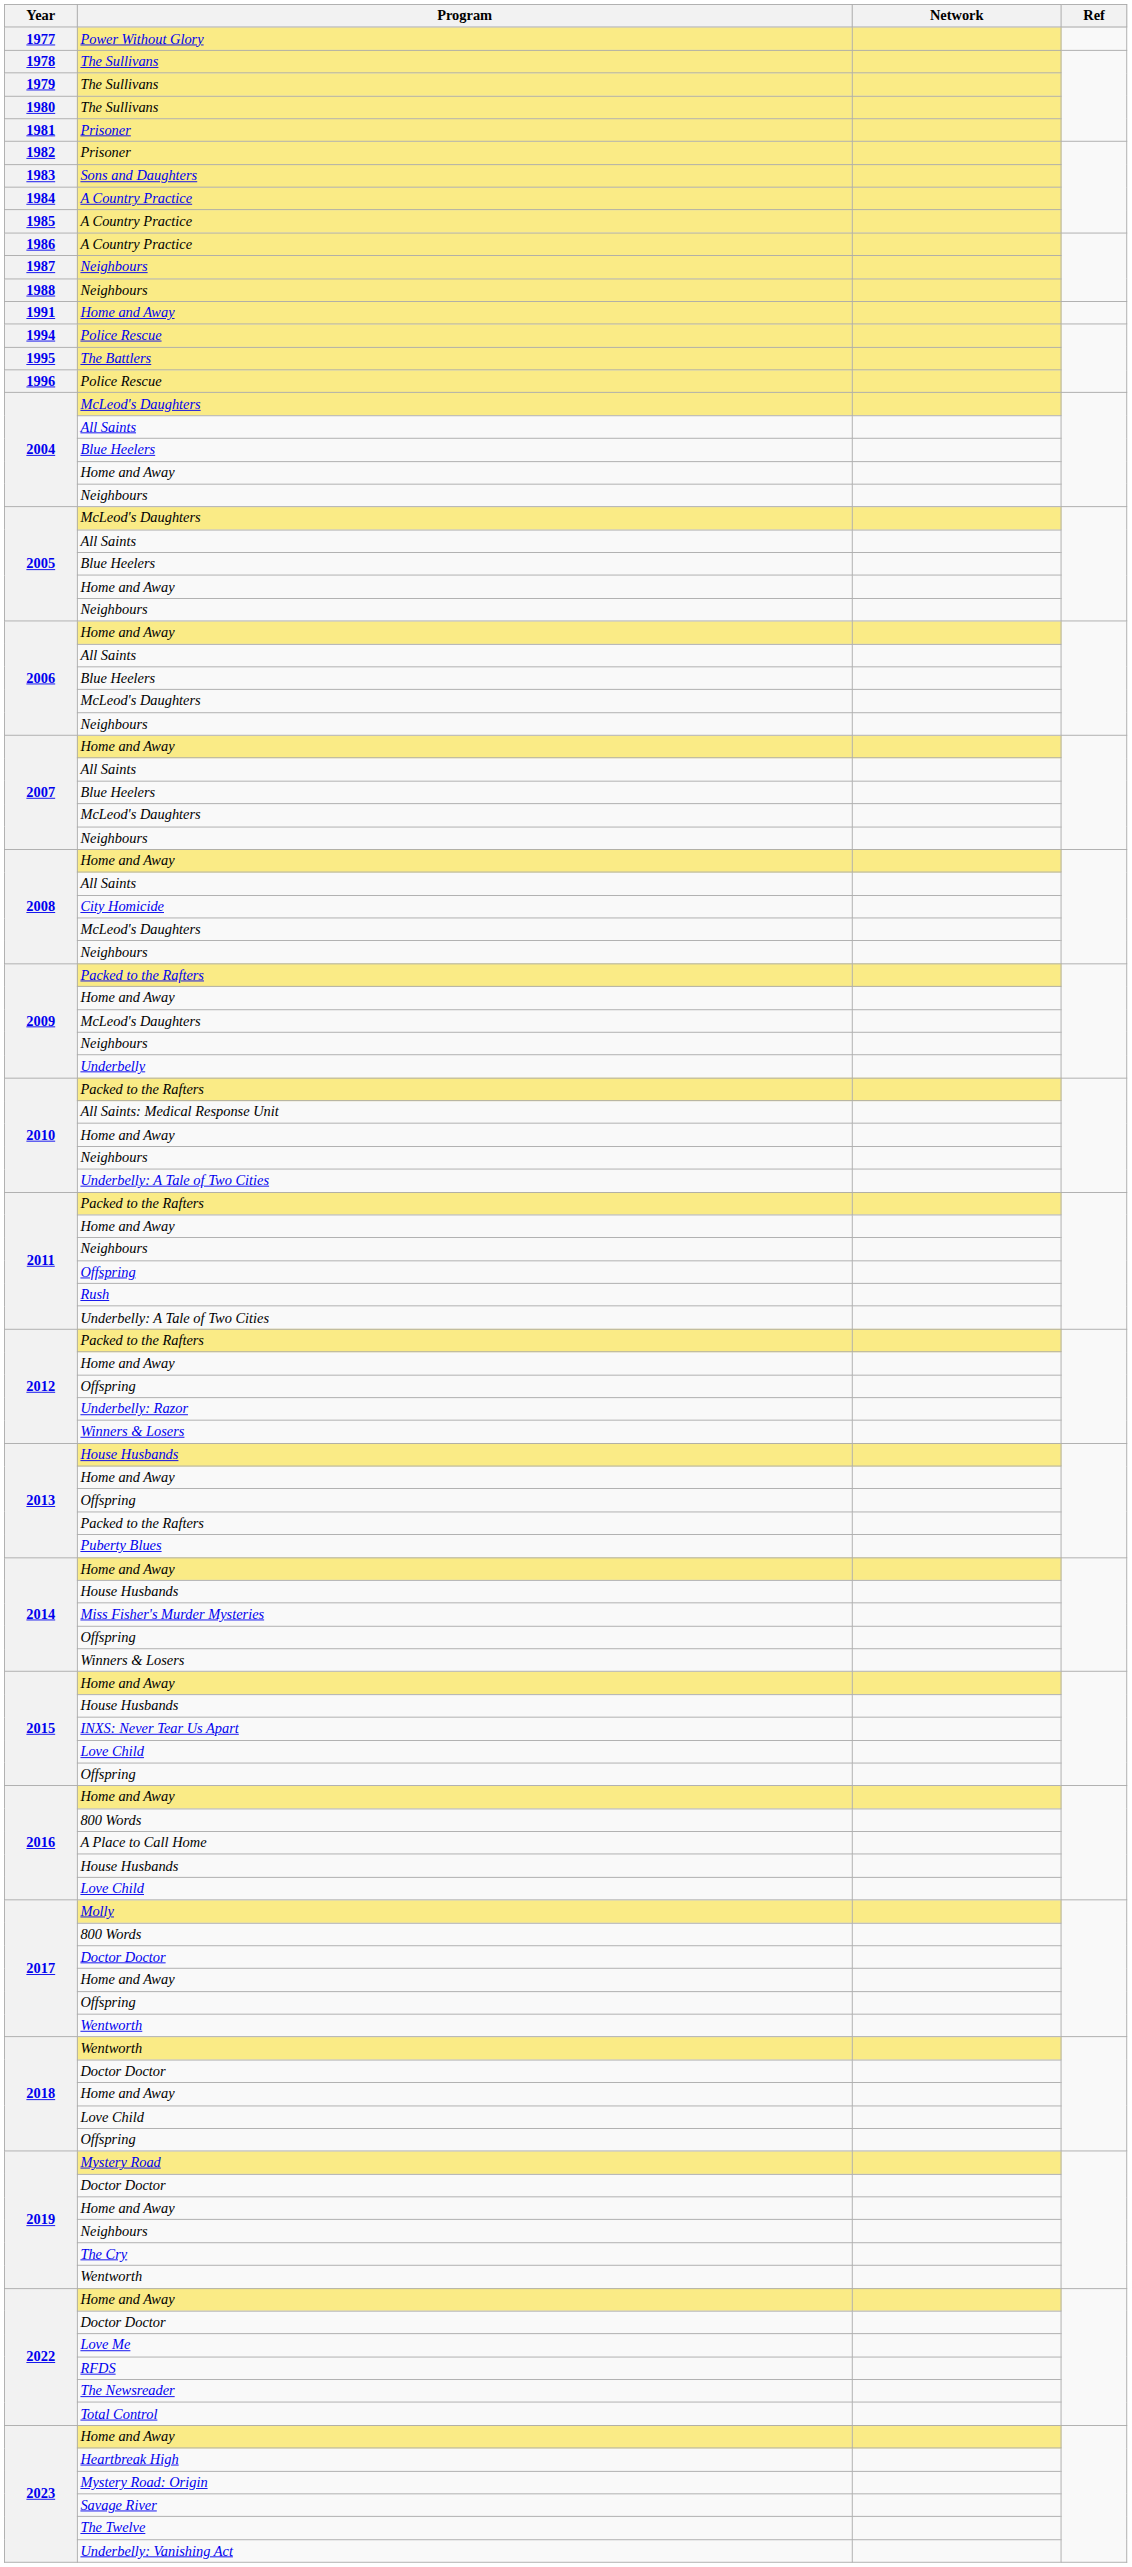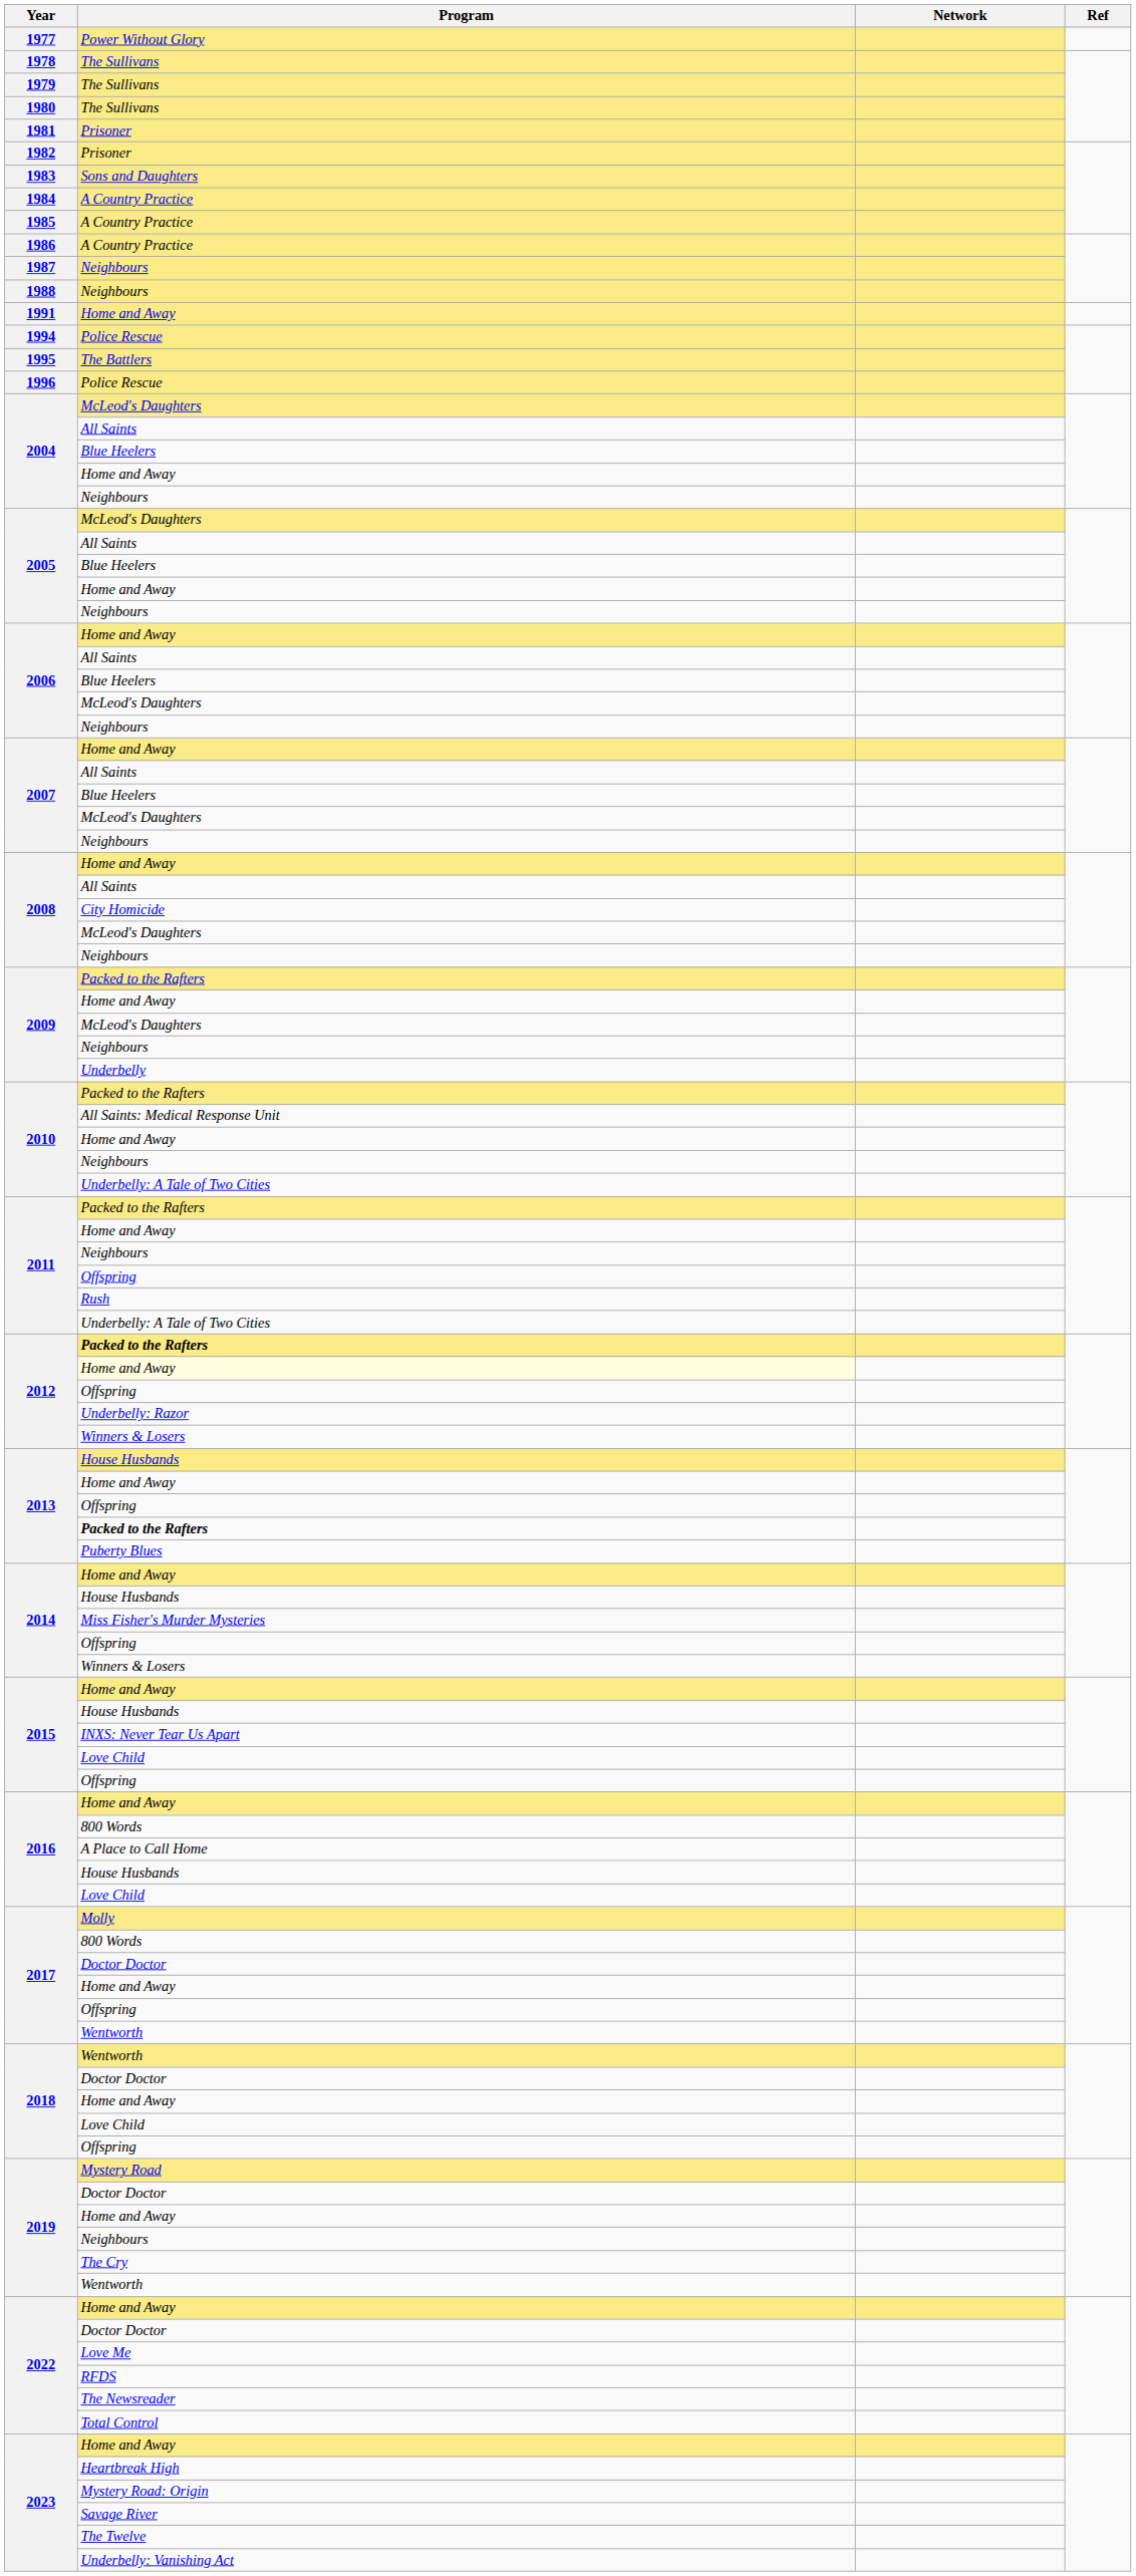 <table class="wikitable sortable">
 <tr style="background:#bebebe;">
 <th scope="col" style="width:1%;">Year</th>
 <th scope="col" style="width:16%;">Program</th>
 <th scope="col" style="width:4%;">Network</th>
 <th scope="col" style="width:1%;" class="unsortable">Ref</th>
 </tr>
 <tr>
 <th scope="row" style="text-align:center"><a href='#'>1977</a></th>
 <td style="background:#FAEB86"><em><a href='#'>Power Without Glory</a></em></td>
 <td style="background:#FAEB86"></td>
 <td></td>
 </tr>
 <tr>
 <th scope="row" style="text-align:center"><a href='#'>1978</a></th>
 <td style="background:#FAEB86"><em><a href='#'>The Sullivans</a></em></td>
 <td style="background:#FAEB86"></td>
 <td rowspan="4"></td>
 </tr>
 <tr>
 <th scope="row" style="text-align:center"><a href='#'>1979</a></th>
 <td style="background:#FAEB86"><em>The Sullivans</em></td>
 <td style="background:#FAEB86"></td>
 </tr>
 <tr>
 <th scope="row" style="text-align:center"><a href='#'>1980</a></th>
 <td style="background:#FAEB86"><em>The Sullivans</em></td>
 <td style="background:#FAEB86"></td>
 </tr>
 <tr>
 <th scope="row" style="text-align:center"><a href='#'>1981</a></th>
 <td style="background:#FAEB86"><em><a href='#'>Prisoner</a></em></td>
 <td style="background:#FAEB86"></td>
 </tr>
 <tr>
 <th scope="row" style="text-align:center"><a href='#'>1982</a></th>
 <td style="background:#FAEB86"><em>Prisoner</em></td>
 <td style="background:#FAEB86"></td>
 <td rowspan="4"></td>
 </tr>
 <tr>
 <th scope="row" style="text-align:center"><a href='#'>1983</a></th>
 <td style="background:#FAEB86"><em><a href='#'>Sons and Daughters</a></em></td>
 <td style="background:#FAEB86"></td>
 </tr>
 <tr>
 <th scope="row" style="text-align:center"><a href='#'>1984</a></th>
 <td style="background:#FAEB86"><em><a href='#'>A Country Practice</a></em></td>
 <td style="background:#FAEB86"></td>
 </tr>
 <tr>
 <th scope="row" style="text-align:center"><a href='#'>1985</a></th>
 <td style="background:#FAEB86"><em>A Country Practice</em></td>
 <td style="background:#FAEB86"></td>
 </tr>
 <tr>
 <th scope="row" style="text-align:center"><a href='#'>1986</a></th>
 <td style="background:#FAEB86"><em>A Country Practice</em></td>
 <td style="background:#FAEB86"></td>
 <td rowspan="3"></td>
 </tr>
 <tr>
 <th scope="row" style="text-align:center"><a href='#'>1987</a></th>
 <td style="background:#FAEB86"><em><a href='#'>Neighbours</a></em></td>
 <td style="background:#FAEB86"></td>
 </tr>
 <tr>
 <th scope="row" style="text-align:center"><a href='#'>1988</a></th>
 <td style="background:#FAEB86"><em>Neighbours</em></td>
 <td style="background:#FAEB86"></td>
 </tr>
 <tr>
 <th scope="row" style="text-align:center"><a href='#'>1991</a></th>
 <td style="background:#FAEB86"><em><a href='#'>Home and Away</a></em></td>
 <td style="background:#FAEB86"></td>
 <td></td>
 </tr>
 <tr>
 <th scope="row" style="text-align:center"><a href='#'>1994</a></th>
 <td style="background:#FAEB86"><em><a href='#'>Police Rescue</a></em></td>
 <td style="background:#FAEB86"></td>
 <td rowspan="3"></td>
 </tr>
 <tr>
 <th scope="row" style="text-align:center"><a href='#'>1995</a></th>
 <td style="background:#FAEB86"><em><a href='#'>The Battlers</a></em></td>
 <td style="background:#FAEB86"></td>
 </tr>
 <tr>
 <th scope="row" style="text-align:center"><a href='#'>1996</a></th>
 <td style="background:#FAEB86"><em>Police Rescue</em></td>
 <td style="background:#FAEB86"></td>
 </tr>
 <tr>
 <th scope="row" rowspan="5" style="text-align:center"><a href='#'>2004</a></th>
 <td style="background:#FAEB86"><em><a href='#'>McLeod's Daughters</a></em></td>
 <td style="background:#FAEB86"></td>
 <td rowspan="5"></td>
 </tr>
 <tr>
 <td><em><a href='#'>All Saints</a></em></td>
 <td></td>
 </tr>
 <tr>
 <td><em><a href='#'>Blue Heelers</a></em></td>
 <td></td>
 </tr>
 <tr>
 <td><em>Home and Away</em></td>
 <td></td>
 </tr>
 <tr>
 <td><em>Neighbours</em></td>
 <td></td>
 </tr>
 <tr>
 <th scope="row" rowspan="5" style="text-align:center"><a href='#'>2005</a></th>
 <td style="background:#FAEB86"><em>McLeod's Daughters</em></td>
 <td style="background:#FAEB86"></td>
 <td rowspan="5"></td>
 </tr>
 <tr>
 <td><em>All Saints</em></td>
 <td></td>
 </tr>
 <tr>
 <td><em>Blue Heelers</em></td>
 <td></td>
 </tr>
 <tr>
 <td><em>Home and Away</em></td>
 <td></td>
 </tr>
 <tr>
 <td><em>Neighbours</em></td>
 <td></td>
 </tr>
 <tr>
 <th scope="row" rowspan="5" style="text-align:center"><a href='#'>2006</a></th>
 <td style="background:#FAEB86"><em>Home and Away</em></td>
 <td style="background:#FAEB86"></td>
 <td rowspan="5"></td>
 </tr>
 <tr>
 <td><em>All Saints</em></td>
 <td></td>
 </tr>
 <tr>
 <td><em>Blue Heelers</em></td>
 <td></td>
 </tr>
 <tr>
 <td><em>McLeod's Daughters</em></td>
 <td></td>
 </tr>
 <tr>
 <td><em>Neighbours</em></td>
 <td></td>
 </tr>
 <tr>
 <th scope="row" rowspan="5" style="text-align:center"><a href='#'>2007</a></th>
 <td style="background:#FAEB86"><em>Home and Away</em></td>
 <td style="background:#FAEB86"></td>
 <td rowspan="5"></td>
 </tr>
 <tr>
 <td><em>All Saints</em></td>
 <td></td>
 </tr>
 <tr>
 <td><em>Blue Heelers</em></td>
 <td></td>
 </tr>
 <tr>
 <td><em>McLeod's Daughters</em></td>
 <td></td>
 </tr>
 <tr>
 <td><em>Neighbours</em></td>
 <td></td>
 </tr>
 <tr>
 <th scope="row" rowspan="5" style="text-align:center"><a href='#'>2008</a></th>
 <td style="background:#FAEB86"><em>Home and Away</em></td>
 <td style="background:#FAEB86"></td>
 <td rowspan="5"></td>
 </tr>
 <tr>
 <td><em>All Saints</em></td>
 <td></td>
 </tr>
 <tr>
 <td><em><a href='#'>City Homicide</a></em></td>
 <td></td>
 </tr>
 <tr>
 <td><em>McLeod's Daughters</em></td>
 <td></td>
 </tr>
 <tr>
 <td><em>Neighbours</em></td>
 <td></td>
 </tr>
 <tr>
 <th scope="row" rowspan="5" style="text-align:center"><a href='#'>2009</a></th>
 <td style="background:#FAEB86"><em><a href='#'>Packed to the Rafters</a></em></td>
 <td style="background:#FAEB86"></td>
 <td rowspan="5"></td>
 </tr>
 <tr>
 <td><em>Home and Away</em></td>
 <td></td>
 </tr>
 <tr>
 <td><em>McLeod's Daughters</em></td>
 <td></td>
 </tr>
 <tr>
 <td><em>Neighbours</em></td>
 <td></td>
 </tr>
 <tr>
 <td><em><a href='#'>Underbelly</a></em></td>
 <td></td>
 </tr>
 <tr>
 <th scope="row" rowspan="5" style="text-align:center"><a href='#'>2010</a></th>
 <td style="background:#FAEB86"><em>Packed to the Rafters</em></td>
 <td style="background:#FAEB86"></td>
 <td rowspan="5"></td>
 </tr>
 <tr>
 <td><em>All Saints: Medical Response Unit</em></td>
 <td></td>
 </tr>
 <tr>
 <td><em>Home and Away</em></td>
 <td></td>
 </tr>
 <tr>
 <td><em>Neighbours</em></td>
 <td></td>
 </tr>
 <tr>
 <td><em><a href='#'>Underbelly: A Tale of Two Cities</a></em></td>
 <td></td>
 </tr>
 <tr>
 <th scope="row" rowspan="6" style="text-align:center"><a href='#'>2011</a></th>
 <td style="background:#FAEB86"><em>Packed to the Rafters</em></td>
 <td style="background:#FAEB86"></td>
 <td rowspan="6"></td>
 </tr>
 <tr>
 <td><em>Home and Away</em></td>
 <td></td>
 </tr>
 <tr>
 <td><em>Neighbours</em></td>
 <td></td>
 </tr>
 <tr>
 <td><em><a href='#'>Offspring</a></em></td>
 <td></td>
 </tr>
 <tr>
 <td><em><a href='#'>Rush</a></em></td>
 <td></td>
 </tr>
 <tr>
 <td><em>Underbelly: A Tale of Two Cities</em></td>
 <td></td>
 </tr>
 <tr>
 <th scope="row" rowspan="5" style="text-align:center"><a href='#'>2012</a></th>
-<td style="background:#FAEB86"><em>Packed to the Rafters</em></td>
+<td style="background:#FAEB86"><strong><em>Packed to the Rafters</em></strong></td>
 <td style="background:#FAEB86"></td>
 <td rowspan="5"></td>
 </tr>
 <tr>
-<td><em>Home and Away</em></td>
+<td style="background: lightyellow;"><em>Home and Away</em></td>
 <td></td>
 </tr>
 <tr>
 <td><em>Offspring</em></td>
 <td></td>
 </tr>
 <tr>
 <td><em><a href='#'>Underbelly: Razor</a></em></td>
 <td></td>
 </tr>
 <tr>
 <td><em><a href='#'>Winners & Losers</a></em></td>
 <td></td>
 </tr>
 <tr>
 <th scope="row" rowspan="5" style="text-align:center"><a href='#'>2013</a></th>
 <td style="background:#FAEB86"><em><a href='#'>House Husbands</a></em></td>
 <td style="background:#FAEB86"></td>
 <td rowspan="5"></td>
 </tr>
 <tr>
 <td><em>Home and Away</em></td>
 <td></td>
 </tr>
 <tr>
 <td><em>Offspring</em></td>
 <td></td>
 </tr>
 <tr>
-<td><em>Packed to the Rafters</em></td>
+<td><strong><em>Packed to the Rafters</em></strong></td>
 <td></td>
 </tr>
 <tr>
 <td><em><a href='#'>Puberty Blues</a></em></td>
 <td></td>
 </tr>
 <tr>
 <th scope="row" rowspan="5" style="text-align:center"><a href='#'>2014</a></th>
 <td style="background:#FAEB86"><em>Home and Away</em></td>
 <td style="background:#FAEB86"></td>
 <td rowspan="5"></td>
 </tr>
 <tr>
 <td><em>House Husbands</em></td>
 <td></td>
 </tr>
 <tr>
 <td><em><a href='#'>Miss Fisher's Murder Mysteries</a></em></td>
 <td></td>
 </tr>
 <tr>
 <td><em>Offspring</em></td>
 <td></td>
 </tr>
 <tr>
 <td><em>Winners & Losers</em></td>
 <td></td>
 </tr>
 <tr>
 <th scope="row" rowspan="5" style="text-align:center"><a href='#'>2015</a></th>
 <td style="background:#FAEB86"><em>Home and Away</em></td>
 <td style="background:#FAEB86"></td>
 <td rowspan="5"></td>
 </tr>
 <tr>
 <td><em>House Husbands</em></td>
 <td></td>
 </tr>
 <tr>
 <td><em><a href='#'>INXS: Never Tear Us Apart</a></em></td>
 <td></td>
 </tr>
 <tr>
 <td><em><a href='#'>Love Child</a></em></td>
 <td></td>
 </tr>
 <tr>
 <td><em>Offspring</em></td>
 <td></td>
 </tr>
 <tr>
 <th scope="row" rowspan="5" style="text-align:center"><a href='#'>2016</a></th>
 <td style="background:#FAEB86"><em>Home and Away</em></td>
 <td style="background:#FAEB86"></td>
 <td rowspan="5"></td>
 </tr>
 <tr>
 <td><em>800 Words</em></td>
 <td></td>
 </tr>
 <tr>
 <td><em>A Place to Call Home</em></td>
 <td></td>
 </tr>
 <tr>
 <td><em>House Husbands</em></td>
 <td></td>
 </tr>
 <tr>
 <td><em><a href='#'>Love Child</a></em></td>
 <td></td>
 </tr>
 <tr>
 <th scope="row" rowspan="6" style="text-align:center"><a href='#'>2017</a></th>
 <td style="background:#FAEB86"><em><a href='#'>Molly</a></em></td>
 <td style="background:#FAEB86"></td>
 <td rowspan="6"></td>
 </tr>
 <tr>
 <td><em>800 Words</em></td>
 <td></td>
 </tr>
 <tr>
 <td><em><a href='#'>Doctor Doctor</a></em></td>
 <td></td>
 </tr>
 <tr>
 <td><em>Home and Away</em></td>
 <td></td>
 </tr>
 <tr>
 <td><em>Offspring</em></td>
 <td></td>
 </tr>
 <tr>
 <td><em><a href='#'>Wentworth</a></em></td>
 <td></td>
 </tr>
 <tr>
 <th scope="row" rowspan="5" style="text-align:center"><a href='#'>2018</a></th>
 <td style="background:#FAEB86"><em>Wentworth</em></td>
 <td style="background:#FAEB86"></td>
 <td rowspan="5"></td>
 </tr>
 <tr>
 <td><em>Doctor Doctor</em></td>
 <td></td>
 </tr>
 <tr>
 <td><em>Home and Away</em></td>
 <td></td>
 </tr>
 <tr>
 <td><em>Love Child</em></td>
 <td></td>
 </tr>
 <tr>
 <td><em>Offspring</em></td>
 <td></td>
 </tr>
 <tr>
 <th scope="row" rowspan="6" style="text-align:center"><a href='#'>2019</a></th>
 <td style="background:#FAEB86"><em><a href='#'>Mystery Road</a></em></td>
 <td style="background:#FAEB86"></td>
 <td rowspan="6"></td>
 </tr>
 <tr>
 <td><em>Doctor Doctor</em></td>
 <td></td>
 </tr>
 <tr>
 <td><em>Home and Away</em></td>
 <td></td>
 </tr>
 <tr>
 <td><em>Neighbours</em></td>
 <td></td>
 </tr>
 <tr>
 <td><em><a href='#'>The Cry</a></em></td>
 <td></td>
 </tr>
 <tr>
 <td><em>Wentworth</em></td>
 <td></td>
 </tr>
 <tr>
 <th scope="row" rowspan="6" style="text-align:center"><a href='#'>2022</a></th>
 <td style="background:#FAEB86"><em>Home and Away</em></td>
 <td style="background:#FAEB86"></td>
 <td rowspan="6"></td>
 </tr>
 <tr>
 <td><em>Doctor Doctor</em></td>
 <td></td>
 </tr>
 <tr>
 <td><em><a href='#'>Love Me</a></em></td>
 <td></td>
 </tr>
 <tr>
 <td><em><a href='#'>RFDS</a></em></td>
 <td></td>
 </tr>
 <tr>
 <td><em><a href='#'>The Newsreader</a></em></td>
 <td></td>
 </tr>
 <tr>
 <td><em><a href='#'>Total Control</a></em></td>
 <td></td>
 </tr>
 <tr>
 <th scope="row" rowspan="6" style="text-align:center"><a href='#'>2023</a></th>
 <td style="background:#FAEB86"><em>Home and Away</em></td>
 <td style="background:#FAEB86"></td>
 <td rowspan="6"></td>
 </tr>
 <tr>
 <td><em><a href='#'>Heartbreak High</a></em></td>
 <td></td>
 </tr>
 <tr>
 <td><em><a href='#'>Mystery Road: Origin</a></em></td>
 <td></td>
 </tr>
 <tr>
 <td><em><a href='#'>Savage River</a></em></td>
 <td></td>
 </tr>
 <tr>
 <td><em><a href='#'>The Twelve</a></em></td>
 <td></td>
 </tr>
 <tr>
 <td><em><a href='#'>Underbelly: Vanishing Act</a></em></td>
 <td></td>
 </tr>
 </table>
